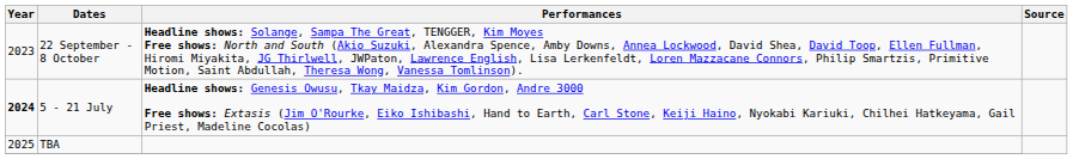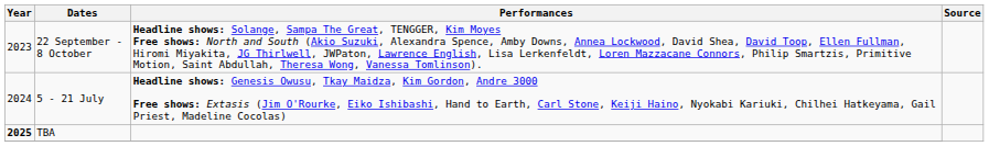 <table class="wikitable">
 <tr>
 <th>Year</th>
 <th>Dates</th>
 <th>Performances</th>
 <th>Source</th>
 </tr>
 <tr>
 <td>2023</td>
 <td>22 September - 8 October</td>
 <td><strong>Headline shows:</strong> <a href='#'>Solange</a>, <a href='#'>Sampa The Great</a>, TENGGER, <a href='#'>Kim Moyes</a><br><strong>Free shows:</strong> <em>North and South</em> (<a href='#'>Akio Suzuki</a>, Alexandra Spence, Amby Downs, <a href='#'>Annea Lockwood</a>, David Shea, <a href='#'>David Toop</a>, <a href='#'>Ellen Fullman</a>, Hiromi Miyakita, <a href='#'>JG Thirlwell</a>, JWPaton, <a href='#'>Lawrence English</a>, Lisa Lerkenfeldt, <a href='#'>Loren Mazzacane Connors</a>, Philip Smartzis, Primitive Motion, Saint Abdullah, <a href='#'>Theresa Wong</a>, <a href='#'>Vanessa Tomlinson</a>).</td>
 <td></td>
 </tr>
 <tr>
-<td><strong>2024</strong></td>
+<td>2024</td>
 <td>5 - 21 July</td>
 <td><strong>Headline shows:</strong> <a href='#'>Genesis Owusu</a>, <a href='#'>Tkay Maidza</a>, <a href='#'>Kim Gordon</a>, <a href='#'>Andre 3000</a><br><br><strong>Free shows:</strong> <em>Extasis</em> (<a href='#'>Jim O'Rourke</a>, <a href='#'>Eiko Ishibashi</a>, Hand to Earth, <a href='#'>Carl Stone</a>, <a href='#'>Keiji Haino</a>, Nyokabi Kariuki, Chilhei Hatkeyama, Gail Priest, Madeline Cocolas)</td>
 <td></td>
 </tr>
 <tr>
-<td>2025</td>
+<td><strong>2025</strong></td>
 <td>TBA</td>
 <td></td>
 </tr>
 <tr>
 </tr>
 </table>
